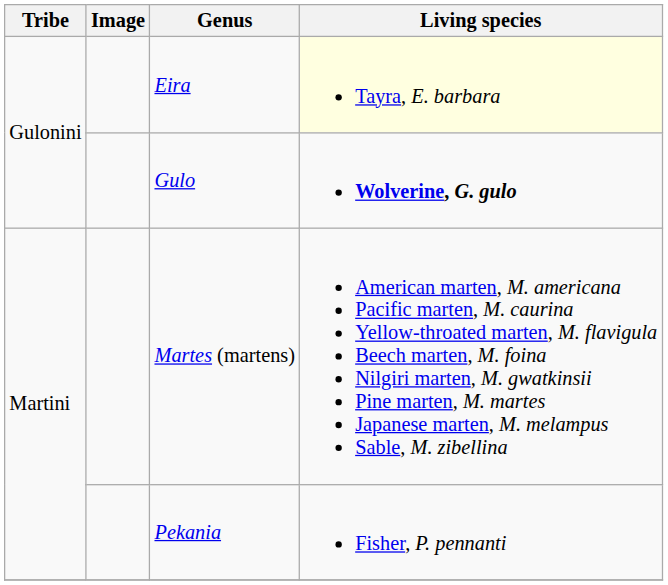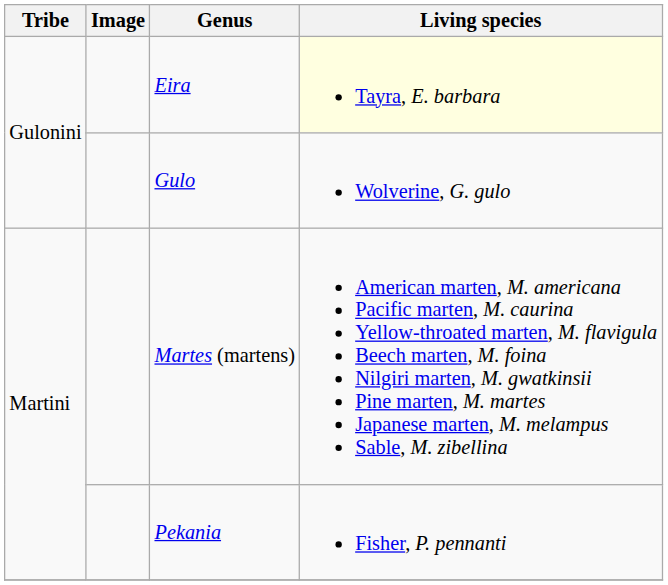 <table class="wikitable">
 <tr>
 <th>Tribe</th>
 <th>Image</th>
 <th>Genus</th>
 <th>Living species</th>
 </tr>
 <tr>
 <td rowspan="2">Gulonini</td>
 <td></td>
 <td><em><a href='#'>Eira</a></em> </td>
 <td style="background: lightyellow;"><br><ul><li><a href='#'>Tayra</a>, <em>E. barbara</em></li></ul></td>
 </tr>
 <tr>
 <td></td>
 <td><em><a href='#'>Gulo</a></em> </td>
-<td><strong><br><ul><li><a href='#'>Wolverine</a>, <em>G. gulo</em></li></ul></strong></td>
+<td><br><ul><li><a href='#'>Wolverine</a>, <em>G. gulo</em></li></ul></td>
 </tr>
 <tr>
 <td rowspan="2">Martini</td>
 <td></td>
 <td><em><a href='#'>Martes</a></em>  (martens)</td>
 <td><br><ul><li><a href='#'>American marten</a>, <em>M. americana </em></li><li><a href='#'>Pacific marten</a>, <em>M. caurina</em></li><li><a href='#'>Yellow-throated marten</a>, <em>M. flavigula</em></li><li><a href='#'>Beech marten</a>, <em>M. foina</em></li><li><a href='#'>Nilgiri marten</a>, <em>M. gwatkinsii</em></li><li><a href='#'>Pine marten</a>, <em>M. martes</em></li><li><a href='#'>Japanese marten</a>, <em>M. melampus</em></li><li><a href='#'>Sable</a>, <em>M. zibellina</em></li></ul></td>
 </tr>
 <tr>
 <td></td>
 <td><em><a href='#'>Pekania</a></em> </td>
 <td><br><ul><li><a href='#'>Fisher</a>, <em>P. pennanti</em></li></ul></td>
 </tr>
 <tr>
 </tr>
 </table>
